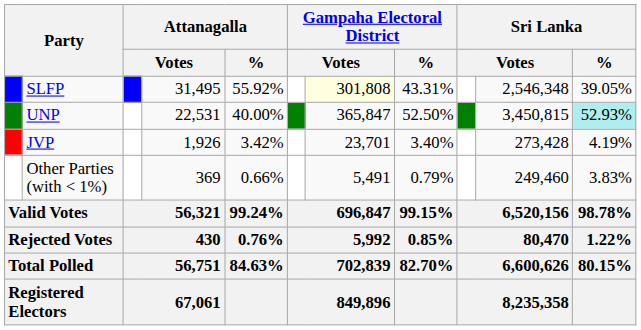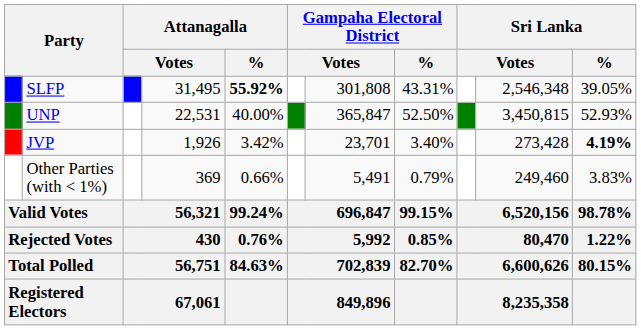 <table class="wikitable">
 <tr>
 <th colspan="2" width="144px"rowspan="2">Party</th>
 <th colspan="3" width="216px">Attanagalla</th>
 <th colspan="3" width="216px"><a href='#'>Gampaha Electoral District</a></th>
 <th colspan="3" width="216px">Sri Lanka</th>
 </tr>
 <tr>
 <th colspan="2" width="144px">Votes</th>
 <th>%</th>
 <th colspan="2" width="144px">Votes</th>
 <th>%</th>
 <th colspan="2" width="144px">Votes</th>
 <th>%</th>
 </tr>
 <tr>
 <td style="background-color:blue;" width="10px"></td>
 <td style="text-align:left;"><a href='#'>SLFP</a></td>
 <td style="background-color:blue;" width="10px"></td>
 <td style="text-align:right;">31,495</td>
-<td style="text-align:right;">55.92%</td>
+<td style="text-align:right;"><strong>55.92%</strong></td>
 <td style="background-color:white;" width="10px"></td>
-<td style="background: lightyellow; text-align:right;">301,808</td>
+<td style="text-align:right;">301,808</td>
 <td style="text-align:right;">43.31%</td>
 <td style="background-color:white;" width="10px"></td>
 <td style="text-align:right;">2,546,348</td>
 <td style="text-align:right;">39.05%</td>
 </tr>
 <tr>
 <td style="background-color:green;" width="10px"></td>
 <td style="text-align:left;"><a href='#'>UNP</a></td>
 <td style="background-color:white;" width="10px"></td>
 <td style="text-align:right;">22,531</td>
 <td style="text-align:right;">40.00%</td>
 <td style="background-color:green;" width="10px"></td>
 <td style="text-align:right;">365,847</td>
 <td style="text-align:right;">52.50%</td>
 <td style="background-color:green;" width="10px"></td>
 <td style="text-align:right;">3,450,815</td>
-<td style="background: paleturquoise; text-align:right;">52.93%</td>
+<td style="text-align:right;">52.93%</td>
 </tr>
 <tr>
 <td style="background-color:red;" width="10px"></td>
 <td style="text-align:left;"><a href='#'>JVP</a></td>
 <td style="background-color:white;" width="10px"></td>
 <td style="text-align:right;">1,926</td>
 <td style="text-align:right;">3.42%</td>
 <td style="background-color:white;" width="10px"></td>
 <td style="text-align:right;">23,701</td>
 <td style="text-align:right;">3.40%</td>
 <td style="background-color:white;" width="10px"></td>
 <td style="text-align:right;">273,428</td>
-<td style="text-align:right;">4.19%</td>
+<td style="text-align:right;"><strong>4.19%</strong></td>
 </tr>
 <tr>
 <td style="background-color:white;" width="10px"></td>
 <td style="text-align:left;">Other Parties (with < 1%)</td>
 <td style="background-color:white;" width="10px"></td>
 <td style="text-align:right;">369</td>
 <td style="text-align:right;">0.66%</td>
 <td style="background-color:white;" width="10px"></td>
 <td style="text-align:right;">5,491</td>
 <td style="text-align:right;">0.79%</td>
 <td style="background-color:white;" width="10px"></td>
 <td style="text-align:right;">249,460</td>
 <td style="text-align:right;">3.83%</td>
 </tr>
 <tr>
 <th colspan="2" width="144px"style="text-align:left;">Valid Votes</th>
 <th style="text-align:right;"colspan="2" width="144px">56,321</th>
 <th style="text-align:right;">99.24%</th>
 <th style="text-align:right;"colspan="2" width="144px">696,847</th>
 <th style="text-align:right;">99.15%</th>
 <th style="text-align:right;"colspan="2" width="144px">6,520,156</th>
 <th style="text-align:right;">98.78%</th>
 </tr>
 <tr>
 <th colspan="2" width="144px"style="text-align:left;">Rejected Votes</th>
 <th style="text-align:right;"colspan="2" width="144px">430</th>
 <th style="text-align:right;">0.76%</th>
 <th style="text-align:right;"colspan="2" width="144px">5,992</th>
 <th style="text-align:right;">0.85%</th>
 <th style="text-align:right;"colspan="2" width="144px">80,470</th>
 <th style="text-align:right;">1.22%</th>
 </tr>
 <tr>
 <th colspan="2" width="144px"style="text-align:left;">Total Polled</th>
 <th style="text-align:right;"colspan="2" width="144px">56,751</th>
 <th style="text-align:right;">84.63%</th>
 <th style="text-align:right;"colspan="2" width="144px">702,839</th>
 <th style="text-align:right;">82.70%</th>
 <th style="text-align:right;"colspan="2" width="144px">6,600,626</th>
 <th style="text-align:right;">80.15%</th>
 </tr>
 <tr>
 <th colspan="2" width="144px"style="text-align:left;">Registered Electors</th>
 <th style="text-align:right;"colspan="2" width="144px">67,061</th>
 <th></th>
 <th style="text-align:right;"colspan="2" width="144px">849,896</th>
 <th></th>
 <th style="text-align:right;"colspan="2" width="144px">8,235,358</th>
 <th></th>
 </tr>
 </table>
